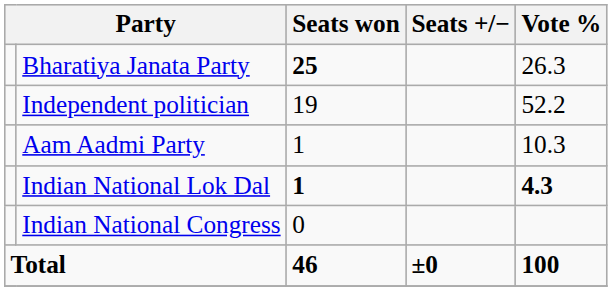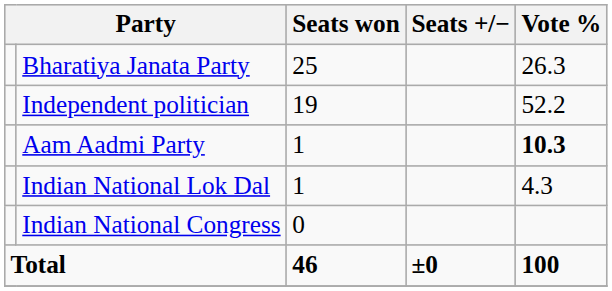 <table class="sortable wikitable">
 <tr>
 <th colspan="2">Party</th>
 <th>Seats won</th>
 <th><strong>Seats +/−</strong></th>
 <th>Vote %</th>
 </tr>
 <tr>
 <td></td>
 <td><a href='#'>Bharatiya Janata Party</a></td>
-<td><strong>25</strong></td>
+<td>25</td>
 <td></td>
 <td>26.3</td>
 </tr>
 <tr>
 <td></td>
 <td><a href='#'>Independent politician</a></td>
 <td>19</td>
 <td></td>
 <td>52.2</td>
 </tr>
 <tr>
 <td></td>
 <td><a href='#'>Aam Aadmi Party</a></td>
 <td>1</td>
 <td></td>
-<td>10.3</td>
+<td><strong>10.3</strong></td>
 </tr>
 <tr>
 <td></td>
 <td><a href='#'>Indian National Lok Dal</a></td>
-<td><strong>1</strong></td>
+<td>1</td>
 <td></td>
-<td><strong>4.3</strong></td>
+<td>4.3</td>
 </tr>
 <tr>
 <td></td>
 <td><a href='#'>Indian National Congress</a></td>
 <td>0</td>
 <td></td>
 <td></td>
 </tr>
 <tr>
 <td colspan="2"><strong>Total</strong></td>
 <td><strong>46</strong></td>
 <td><strong>±0</strong></td>
 <td><strong>100</strong></td>
 </tr>
 <tr>
 </tr>
 </table>
